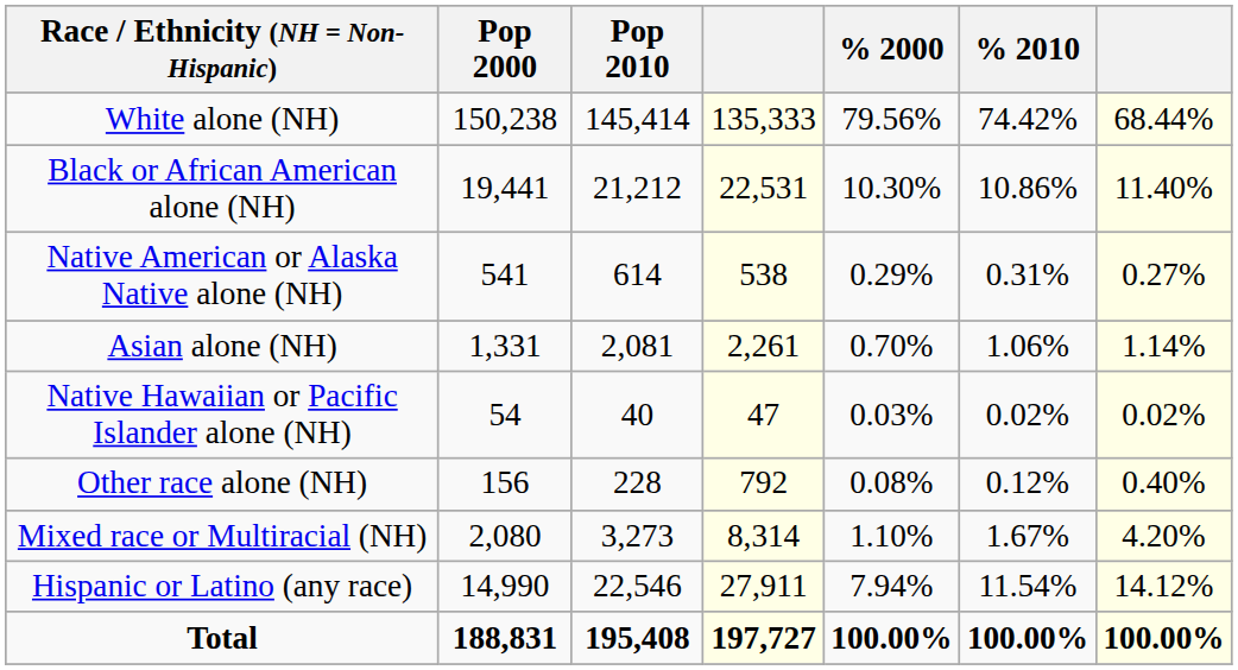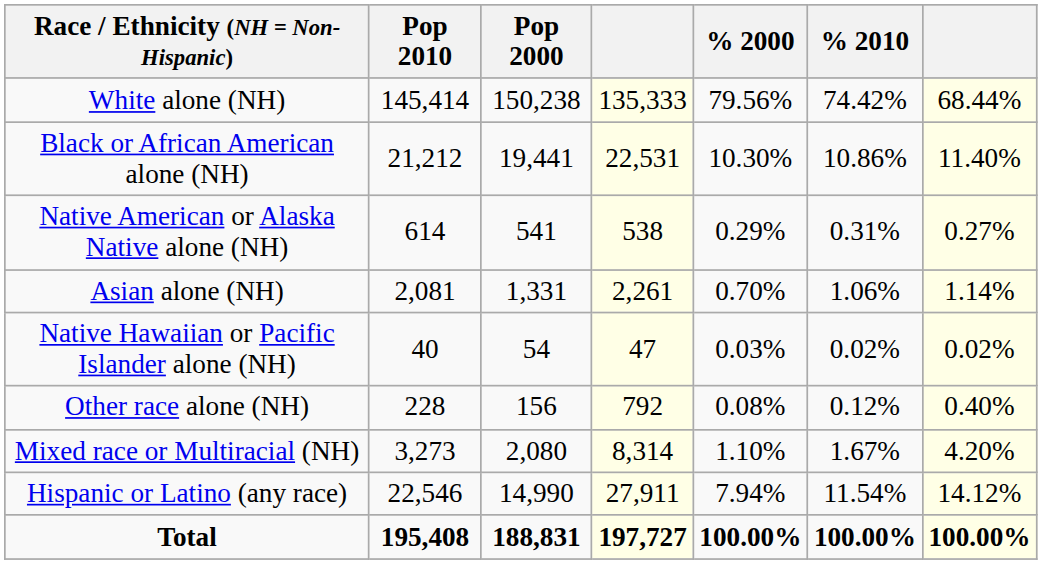 <table class="wikitable" style="text-align:center;">
 <tr>
 <th>Race / Ethnicity <small>(<em>NH = Non-Hispanic</em>)</small></th>
+<th>Pop 2010</th>
 <th>Pop 2000</th>
-<th>Pop 2010</th>
 <th></th>
 <th>% 2000</th>
 <th>% 2010</th>
 <th></th>
 </tr>
 <tr>
 <td><a href='#'>White</a> alone (NH)</td>
+<td>145,414</td>
 <td>150,238</td>
-<td>145,414</td>
 <td style='background: #ffffe6;'>135,333</td>
 <td>79.56%</td>
 <td>74.42%</td>
 <td style='background: #ffffe6;'>68.44%</td>
 </tr>
 <tr>
 <td><a href='#'>Black or African American</a> alone (NH)</td>
+<td>21,212</td>
 <td>19,441</td>
-<td>21,212</td>
 <td style='background: #ffffe6;'>22,531</td>
 <td>10.30%</td>
 <td>10.86%</td>
 <td style='background: #ffffe6;'>11.40%</td>
 </tr>
 <tr>
 <td><a href='#'>Native American</a> or <a href='#'>Alaska Native</a> alone (NH)</td>
+<td>614</td>
 <td>541</td>
-<td>614</td>
 <td style='background: #ffffe6;'>538</td>
 <td>0.29%</td>
 <td>0.31%</td>
 <td style='background: #ffffe6;'>0.27%</td>
 </tr>
 <tr>
 <td><a href='#'>Asian</a> alone (NH)</td>
+<td>2,081</td>
 <td>1,331</td>
-<td>2,081</td>
 <td style='background: #ffffe6;'>2,261</td>
 <td>0.70%</td>
 <td>1.06%</td>
 <td style='background: #ffffe6;'>1.14%</td>
 </tr>
 <tr>
 <td><a href='#'>Native Hawaiian</a> or <a href='#'>Pacific Islander</a> alone (NH)</td>
+<td>40</td>
 <td>54</td>
-<td>40</td>
 <td style='background: #ffffe6;'>47</td>
 <td>0.03%</td>
 <td>0.02%</td>
 <td style='background: #ffffe6;'>0.02%</td>
 </tr>
 <tr>
 <td><a href='#'>Other race</a> alone (NH)</td>
+<td>228</td>
 <td>156</td>
-<td>228</td>
 <td style='background: #ffffe6;'>792</td>
 <td>0.08%</td>
 <td>0.12%</td>
 <td style='background: #ffffe6;'>0.40%</td>
 </tr>
 <tr>
 <td><a href='#'>Mixed race or Multiracial</a> (NH)</td>
+<td>3,273</td>
 <td>2,080</td>
-<td>3,273</td>
 <td style='background: #ffffe6;'>8,314</td>
 <td>1.10%</td>
 <td>1.67%</td>
 <td style='background: #ffffe6;'>4.20%</td>
 </tr>
 <tr>
 <td><a href='#'>Hispanic or Latino</a> (any race)</td>
+<td>22,546</td>
 <td>14,990</td>
-<td>22,546</td>
 <td style='background: #ffffe6;'>27,911</td>
 <td>7.94%</td>
 <td>11.54%</td>
 <td style='background: #ffffe6;'>14.12%</td>
 </tr>
 <tr>
 <td><strong>Total</strong></td>
+<td><strong>195,408</strong></td>
 <td><strong>188,831</strong></td>
-<td><strong>195,408</strong></td>
 <td style='background: #ffffe6;'><strong>197,727</strong></td>
 <td><strong>100.00%</strong></td>
 <td><strong>100.00%</strong></td>
 <td style='background: #ffffe6;'><strong>100.00%</strong></td>
 </tr>
 </table>
